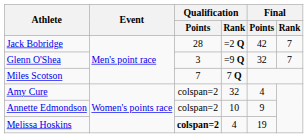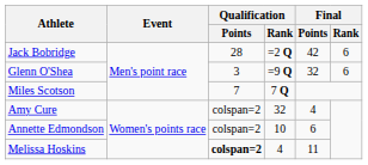 <table class="wikitable" style="font-size:90%;">
 <tr>
 <th rowspan=2>Athlete</th>
 <th rowspan=2>Event</th>
 <th colspan=2>Qualification</th>
 <th colspan=2>Final</th>
 </tr>
 <tr style="font-size:95%">
 <th>Points</th>
 <th>Rank</th>
 <th>Points</th>
 <th>Rank</th>
 </tr>
 <tr align=center>
 <td align=left><a href='#'>Jack Bobridge</a></td>
 <td align=left rowspan=3><a href='#'>Men's point race</a></td>
 <td>28</td>
 <td>=2 <strong>Q</strong></td>
 <td>42</td>
-<td>7</td>
+<td>6</td>
 </tr>
 <tr align=center>
 <td align=left><a href='#'>Glenn O'Shea</a></td>
 <td>3</td>
 <td>=9 <strong>Q</strong></td>
 <td>32</td>
-<td>7</td>
+<td>6</td>
 </tr>
 <tr align=center>
 <td align=left><a href='#'>Miles Scotson</a></td>
 <td>7</td>
 <td>7 <strong>Q</strong></td>
 <td colspan=2></td>
 </tr>
 <tr align=center>
 <td align=left><a href='#'>Amy Cure</a></td>
 <td align=left rowspan=3><a href='#'>Women's points race</a></td>
 <td>colspan=2 </td>
 <td>32</td>
 <td>4</td>
 </tr>
 <tr align=center>
 <td align=left><a href='#'>Annette Edmondson</a></td>
 <td>colspan=2 </td>
 <td>10</td>
-<td>9</td>
+<td>6</td>
 </tr>
 <tr align=center>
 <td align=left><a href='#'>Melissa Hoskins</a></td>
 <td><strong>colspan=2 </strong></td>
 <td>4</td>
-<td>19</td>
+<td>11</td>
 </tr>
 </table>
